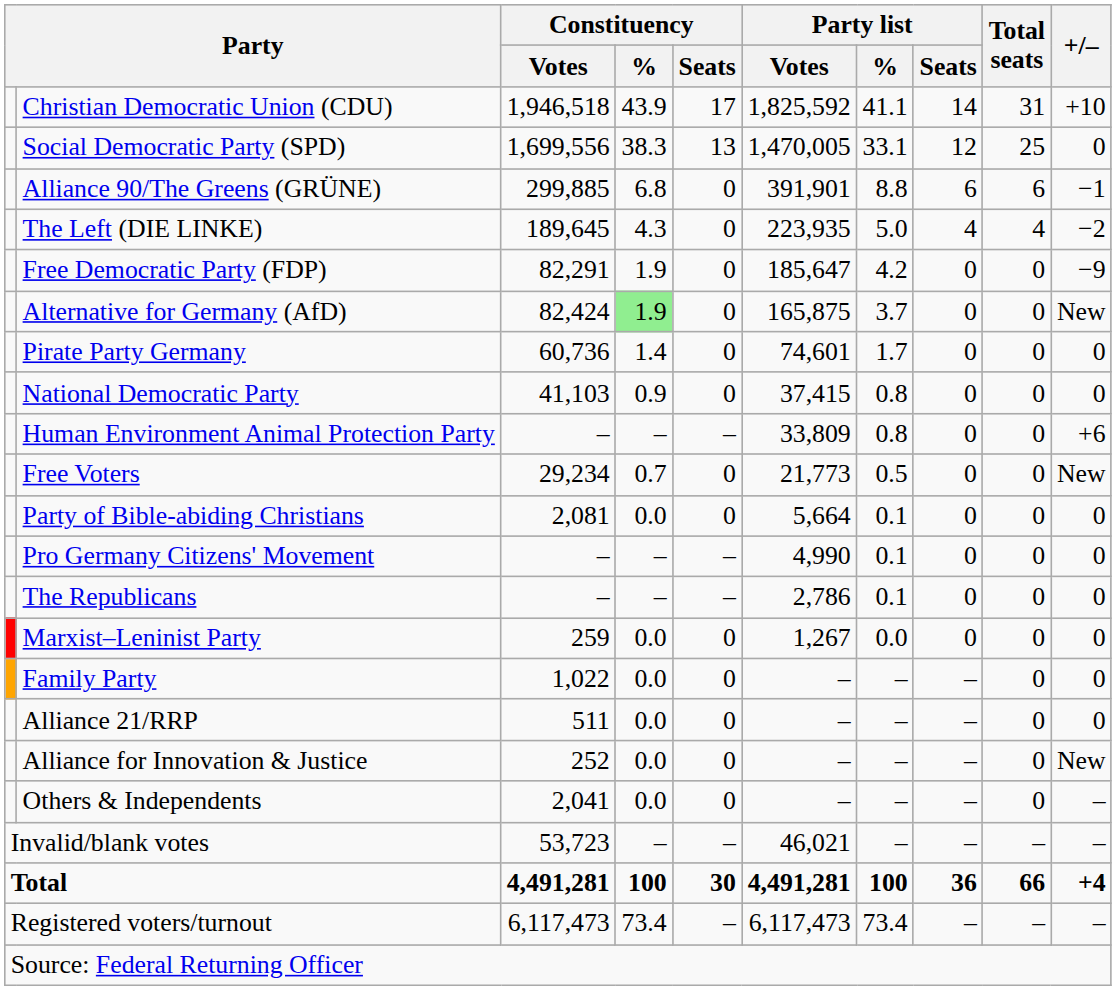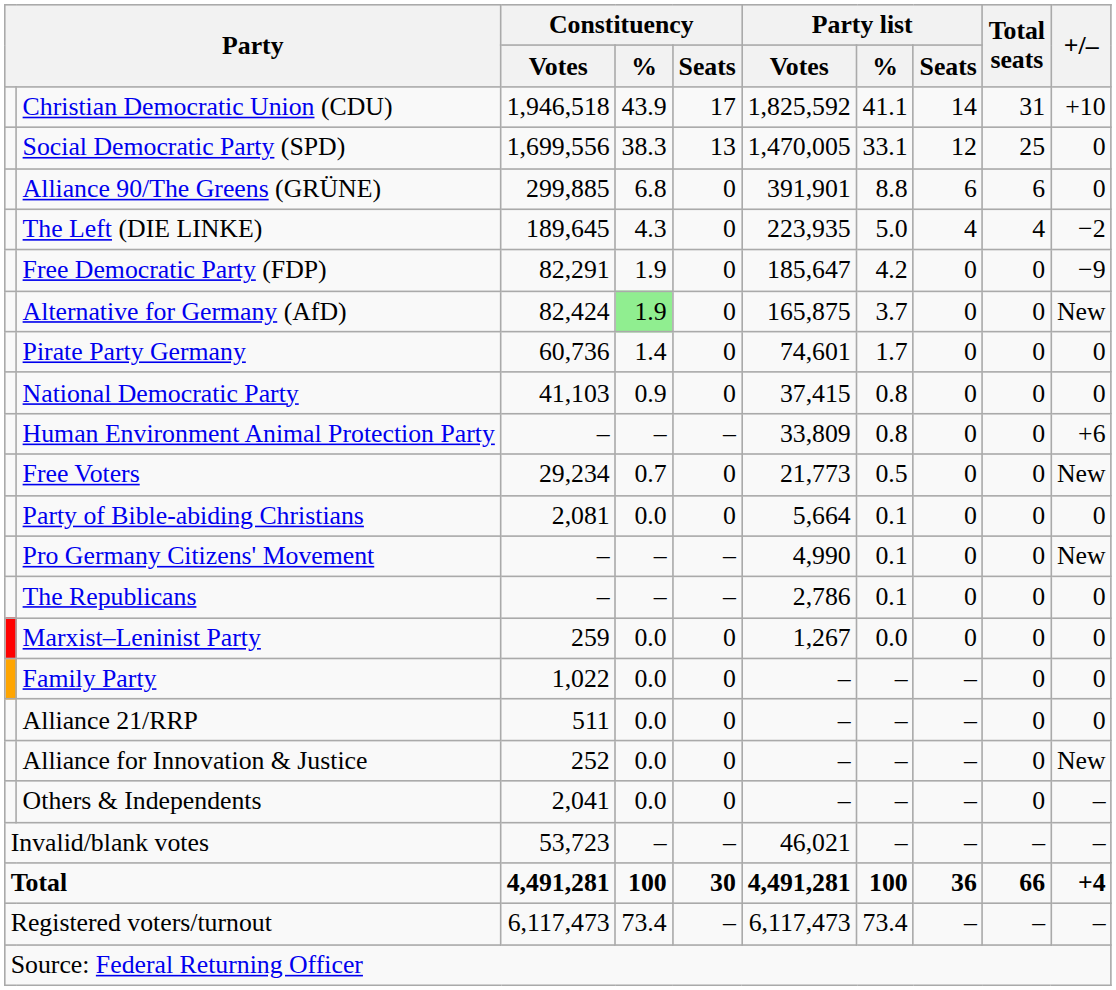 <table class="wikitable" style="text-align:right">
 <tr>
 <th colspan="2" rowspan="2">Party</th>
 <th colspan="3">Constituency</th>
 <th colspan="3">Party list</th>
 <th rowspan="2">Total<br>seats</th>
 <th rowspan="2">+/–</th>
 </tr>
 <tr>
 <th>Votes</th>
 <th>%</th>
 <th>Seats</th>
 <th>Votes</th>
 <th>%</th>
 <th>Seats</th>
 </tr>
 <tr>
 <td></td>
 <td align="left"><a href='#'>Christian Democratic Union</a> (CDU)</td>
 <td>1,946,518</td>
 <td>43.9</td>
 <td>17</td>
 <td>1,825,592</td>
 <td>41.1</td>
 <td>14</td>
 <td>31</td>
 <td>+10</td>
 </tr>
 <tr>
 <td></td>
 <td align="left"><a href='#'>Social Democratic Party</a> (SPD)</td>
 <td>1,699,556</td>
 <td>38.3</td>
 <td>13</td>
 <td>1,470,005</td>
 <td>33.1</td>
 <td>12</td>
 <td>25</td>
 <td>0</td>
 </tr>
 <tr>
 <td></td>
 <td align="left"><a href='#'>Alliance 90/The Greens</a> (GRÜNE)</td>
 <td>299,885</td>
 <td>6.8</td>
 <td>0</td>
 <td>391,901</td>
 <td>8.8</td>
 <td>6</td>
 <td>6</td>
-<td>−1</td>
+<td>0</td>
 </tr>
 <tr>
 <td></td>
 <td align="left"><a href='#'>The Left</a> (DIE LINKE)</td>
 <td>189,645</td>
 <td>4.3</td>
 <td>0</td>
 <td>223,935</td>
 <td>5.0</td>
 <td>4</td>
 <td>4</td>
 <td>−2</td>
 </tr>
 <tr>
 <td></td>
 <td align="left"><a href='#'>Free Democratic Party</a> (FDP)</td>
 <td>82,291</td>
 <td>1.9</td>
 <td>0</td>
 <td>185,647</td>
 <td>4.2</td>
 <td>0</td>
 <td>0</td>
 <td>−9</td>
 </tr>
 <tr>
 <td></td>
 <td align="left"><a href='#'>Alternative for Germany</a> (AfD)</td>
 <td>82,424</td>
 <td style="background: lightgreen;">1.9</td>
 <td>0</td>
 <td>165,875</td>
 <td>3.7</td>
 <td>0</td>
 <td>0</td>
 <td>New</td>
 </tr>
 <tr>
 <td style="background-color:"></td>
 <td align="left"><a href='#'>Pirate Party Germany</a></td>
 <td>60,736</td>
 <td>1.4</td>
 <td>0</td>
 <td>74,601</td>
 <td>1.7</td>
 <td>0</td>
 <td>0</td>
 <td>0</td>
 </tr>
 <tr>
 <td style="background-color:"></td>
 <td align="left"><a href='#'>National Democratic Party</a></td>
 <td>41,103</td>
 <td>0.9</td>
 <td>0</td>
 <td>37,415</td>
 <td>0.8</td>
 <td>0</td>
 <td>0</td>
 <td>0</td>
 </tr>
 <tr>
 <td style="background-color:"></td>
 <td align="left"><a href='#'>Human Environment Animal Protection Party</a></td>
 <td>–</td>
 <td>–</td>
 <td>–</td>
 <td>33,809</td>
 <td>0.8</td>
 <td>0</td>
 <td>0</td>
 <td>+6</td>
 </tr>
 <tr>
 <td style="background-color:"></td>
 <td align="left"><a href='#'>Free Voters</a></td>
 <td>29,234</td>
 <td>0.7</td>
 <td>0</td>
 <td>21,773</td>
 <td>0.5</td>
 <td>0</td>
 <td>0</td>
 <td>New</td>
 </tr>
 <tr>
 <td></td>
 <td align="left"><a href='#'>Party of Bible-abiding Christians</a></td>
 <td>2,081</td>
 <td>0.0</td>
 <td>0</td>
 <td>5,664</td>
 <td>0.1</td>
 <td>0</td>
 <td>0</td>
 <td>0</td>
 </tr>
 <tr>
 <td></td>
 <td align="left"><a href='#'>Pro Germany Citizens' Movement</a></td>
 <td>–</td>
 <td>–</td>
 <td>–</td>
 <td>4,990</td>
 <td>0.1</td>
 <td>0</td>
 <td>0</td>
-<td>0</td>
+<td>New</td>
 </tr>
 <tr>
 <td style="background-color:"></td>
 <td align="left"><a href='#'>The Republicans</a></td>
 <td>–</td>
 <td>–</td>
 <td>–</td>
 <td>2,786</td>
 <td>0.1</td>
 <td>0</td>
 <td>0</td>
 <td>0</td>
 </tr>
 <tr>
 <td style="background-color:red"></td>
 <td align="left"><a href='#'>Marxist–Leninist Party</a></td>
 <td>259</td>
 <td>0.0</td>
 <td>0</td>
 <td>1,267</td>
 <td>0.0</td>
 <td>0</td>
 <td>0</td>
 <td>0</td>
 </tr>
 <tr>
 <td style="background-color:#FFA500"></td>
 <td align="left"><a href='#'>Family Party</a></td>
 <td>1,022</td>
 <td>0.0</td>
 <td>0</td>
 <td>–</td>
 <td>–</td>
 <td>–</td>
 <td>0</td>
 <td>0</td>
 </tr>
 <tr>
 <td></td>
 <td align="left">Alliance 21/RRP</td>
 <td>511</td>
 <td>0.0</td>
 <td>0</td>
 <td>–</td>
 <td>–</td>
 <td>–</td>
 <td>0</td>
 <td>0</td>
 </tr>
 <tr>
 <td></td>
 <td align="left">Alliance for Innovation & Justice</td>
 <td>252</td>
 <td>0.0</td>
 <td>0</td>
 <td>–</td>
 <td>–</td>
 <td>–</td>
 <td>0</td>
 <td>New</td>
 </tr>
 <tr>
 <td></td>
 <td align="left">Others & Independents</td>
 <td>2,041</td>
 <td>0.0</td>
 <td>0</td>
 <td>–</td>
 <td>–</td>
 <td>–</td>
 <td>0</td>
 <td>–</td>
 </tr>
 <tr>
 <td colspan="2" align="left">Invalid/blank votes</td>
 <td>53,723</td>
 <td>–</td>
 <td>–</td>
 <td>46,021</td>
 <td>–</td>
 <td>–</td>
 <td>–</td>
 <td>–</td>
 </tr>
 <tr>
 <td colspan="2" align="left"><strong>Total</strong></td>
 <td><strong>4,491,281</strong></td>
 <td><strong>100</strong></td>
 <td><strong>30</strong></td>
 <td><strong>4,491,281</strong></td>
 <td><strong>100</strong></td>
 <td><strong>36</strong></td>
 <td><strong>66</strong></td>
 <td><strong>+4</strong></td>
 </tr>
 <tr>
 <td colspan="2" align="left">Registered voters/turnout</td>
 <td>6,117,473</td>
 <td>73.4</td>
 <td>–</td>
 <td>6,117,473</td>
 <td>73.4</td>
 <td>–</td>
 <td>–</td>
 <td>–</td>
 </tr>
 <tr>
 <td colspan="10" align="left">Source: <a href='#'>Federal Returning Officer</a></td>
 </tr>
 </table>
